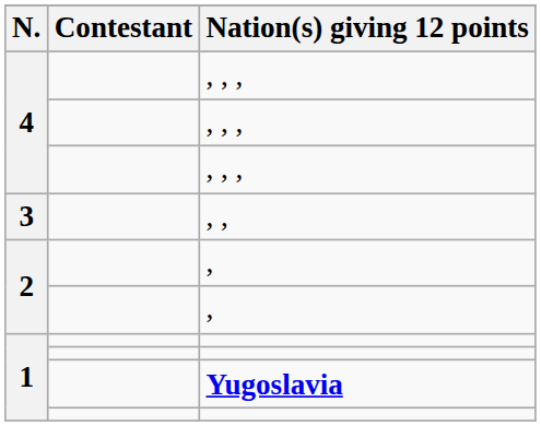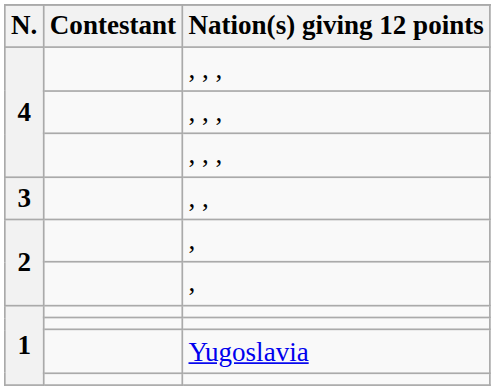 <table class="wikitable plainrowheaders">
 <tr>
 </tr>
 <tr>
 <th scope="col">N.</th>
 <th scope="col">Contestant</th>
 <th scope="col">Nation(s) giving 12 points</th>
 </tr>
 <tr>
 <th scope="row" rowspan="3">4</th>
 <td></td>
 <td>, , , </td>
 </tr>
 <tr>
 <td></td>
 <td>, , , </td>
 </tr>
 <tr>
 <td></td>
 <td>, , , </td>
 </tr>
 <tr>
 <th scope="row">3</th>
 <td><strong></strong></td>
 <td>, , </td>
 </tr>
 <tr>
 <th scope="row" rowspan="2">2</th>
 <td></td>
 <td>, </td>
 </tr>
 <tr>
 <td></td>
 <td>, </td>
 </tr>
 <tr>
 <th scope="row" rowspan="4">1</th>
 <td></td>
 <td></td>
 </tr>
 <tr>
 <td></td>
 <td></td>
 </tr>
 <tr>
 <td></td>
-<td><strong> <a href='#'>Yugoslavia</a></strong></td>
+<td> <a href='#'>Yugoslavia</a></td>
 </tr>
 <tr>
 <td></td>
 <td></td>
 </tr>
 </table>
